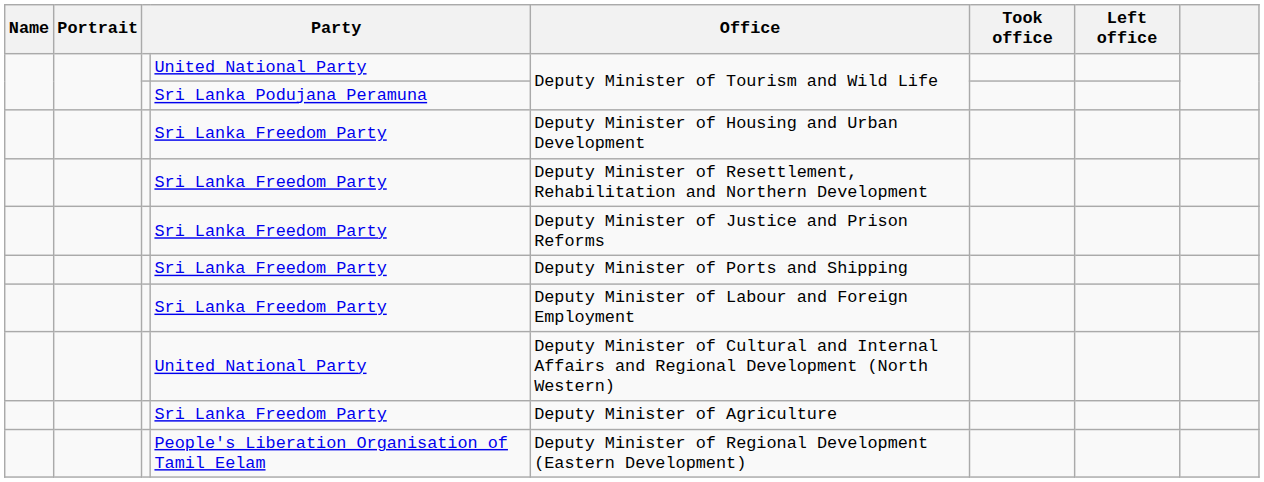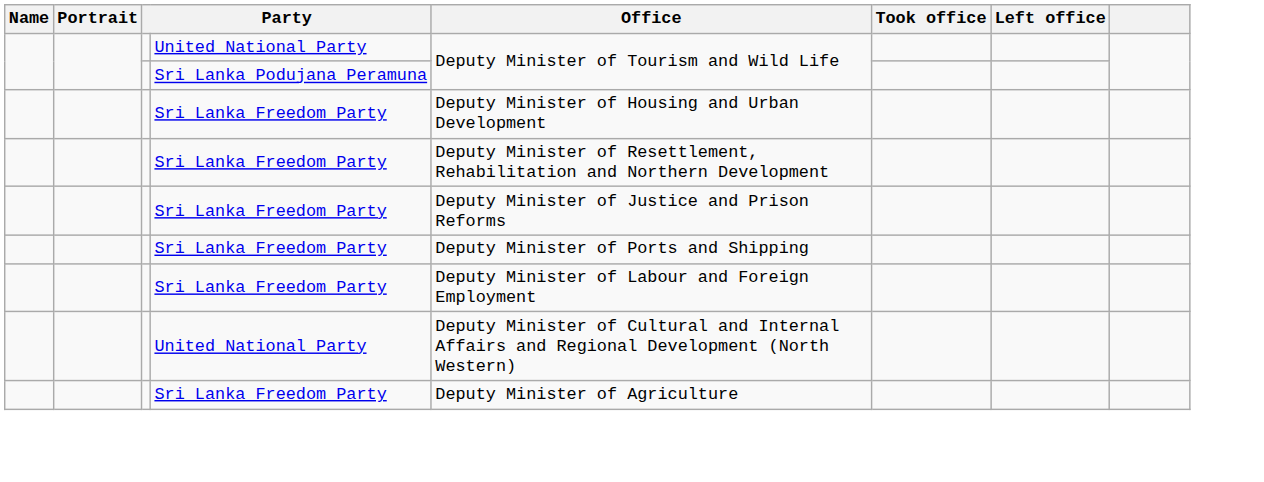 <table class="wikitable plainrowheaders sortable" style="font-size:90%; text-align:left;">
 <tr>
 <th scope=col>Name</th>
 <th scope=col class=unsortable>Portrait</th>
 <th scope=col colspan="2">Party</th>
 <th scope=col width=300px>Office</th>
 <th scope=col>Took office</th>
 <th scope=col>Left office</th>
 <th scope=col width=50px class=unsortable></th>
 </tr>
 <tr>
 <td rowspan=2></td>
 <td align=center rowspan=2></td>
 <td !align="center" style="background:"></td>
 <td><a href='#'>United National Party</a></td>
 <td rowspan=2>Deputy Minister of Tourism and Wild Life</td>
 <td align=center></td>
 <td align=center></td>
 <td align=center rowspan=2></td>
 </tr>
 <tr>
 <td !align="center" style="background:"></td>
 <td><a href='#'>Sri Lanka Podujana Peramuna</a></td>
 <td align=center></td>
 <td align=center></td>
 </tr>
 <tr>
 <td></td>
 <td align=center></td>
 <td !align="center" style="background:"></td>
 <td><a href='#'>Sri Lanka Freedom Party</a></td>
 <td>Deputy Minister of Housing and Urban Development</td>
 <td align=center></td>
 <td align=center></td>
 <td align=center></td>
 </tr>
 <tr>
 <td></td>
 <td align=center></td>
 <td !align="center" style="background:"></td>
 <td><a href='#'>Sri Lanka Freedom Party</a></td>
 <td>Deputy Minister of Resettlement, Rehabilitation and Northern Development</td>
 <td align=center></td>
 <td align=center></td>
 <td align=center></td>
 </tr>
 <tr>
 <td></td>
 <td align=center></td>
 <td !align="center" style="background:"></td>
 <td><a href='#'>Sri Lanka Freedom Party</a></td>
 <td>Deputy Minister of Justice and Prison Reforms</td>
 <td align=center></td>
 <td align=center></td>
 <td align=center></td>
 </tr>
 <tr>
 <td></td>
 <td align=center></td>
 <td !align="center" style="background:"></td>
 <td><a href='#'>Sri Lanka Freedom Party</a></td>
 <td>Deputy Minister of Ports and Shipping</td>
 <td align=center></td>
 <td align=center></td>
 <td align=center></td>
 </tr>
 <tr>
 <td></td>
 <td></td>
 <td !align="center" style="background:"></td>
 <td><a href='#'>Sri Lanka Freedom Party</a></td>
 <td>Deputy Minister of Labour and Foreign Employment</td>
 <td align=center></td>
 <td align=center></td>
 <td align=center></td>
 </tr>
 <tr>
 <td></td>
 <td align=center></td>
 <td !align="center" style="background:"></td>
 <td><a href='#'>United National Party</a></td>
 <td>Deputy Minister of Cultural and Internal Affairs and Regional Development (North Western)</td>
 <td align=center></td>
 <td align=center></td>
 <td align=center></td>
 </tr>
 <tr>
 <td></td>
 <td align=center></td>
 <td !align="center" style="background:"></td>
 <td><a href='#'>Sri Lanka Freedom Party</a></td>
 <td>Deputy Minister of Agriculture</td>
 <td align=center></td>
 <td align=center></td>
 <td align=center></td>
 </tr>
-<tr>
-<td></td>
-<td align=center></td>
-<td !align="center" style="background:"></td>
-<td><a href='#'>People's Liberation Organisation of Tamil Eelam</a></td>
-<td>Deputy Minister of Regional Development (Eastern Development)</td>
-<td align=center></td>
-<td align=center></td>
-<td align=center></td>
-</tr>
 </table>
